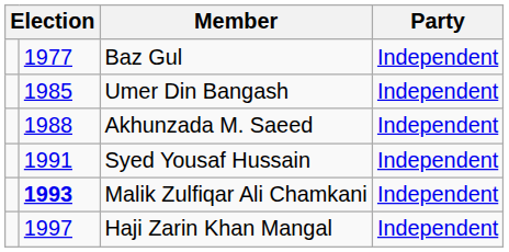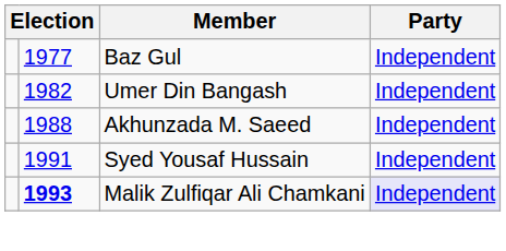 <table class="wikitable">
 <tr>
 <th colspan="2">Election</th>
 <th>Member</th>
 <th>Party</th>
 </tr>
 <tr>
 <td style="background-color: "></td>
 <td><a href='#'>1977</a></td>
 <td>Baz Gul</td>
 <td><a href='#'>Independent</a></td>
 </tr>
 <tr>
 <td style="background-color: "></td>
-<td><a href='#'>1985</a></td>
+<td><a href='#'>1982</a></td>
 <td>Umer Din Bangash</td>
 <td><a href='#'>Independent</a></td>
 </tr>
 <tr>
 <td style="background-color: "></td>
 <td><a href='#'>1988</a></td>
 <td>Akhunzada M. Saeed</td>
 <td><a href='#'>Independent</a></td>
 </tr>
 <tr>
 <td style="background-color: "></td>
 <td><a href='#'>1991</a></td>
 <td>Syed Yousaf Hussain</td>
 <td><a href='#'>Independent</a></td>
 </tr>
 <tr>
 <td style="background-color: "></td>
 <td><strong><a href='#'>1993</a></strong></td>
 <td>Malik Zulfiqar Ali Chamkani</td>
-<td><a href='#'>Independent</a></td>
-</tr>
-<tr>
-<td style="background-color: "></td>
-<td><a href='#'>1997</a></td>
-<td>Haji Zarin Khan Mangal</td>
-<td><a href='#'>Independent</a></td>
+<td style="background: lavender;"><a href='#'>Independent</a></td>
 </tr>
 </table>
